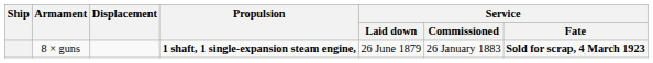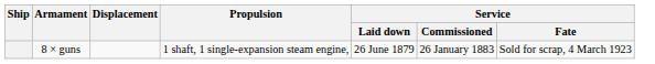 <table class="wikitable plainrowheaders" style="text-align: center;">
 <tr valign="top">
 <th scope="col" rowspan="2">Ship</th>
 <th scope="col" rowspan="2">Armament</th>
 <th scope="col" rowspan="2">Displacement</th>
 <th scope="col" rowspan="2">Propulsion</th>
 <th scope="col" colspan="3">Service</th>
 </tr>
 <tr valign="top">
 <th scope="col">Laid down</th>
 <th scope="col">Commissioned</th>
 <th scope="col">Fate</th>
 </tr>
 <tr valign="center">
 <th scope="row"></th>
 <td>8 ×  guns</td>
 <td></td>
-<td><strong>1 shaft, 1 single-expansion steam engine, </strong></td>
+<td>1 shaft, 1 single-expansion steam engine, </td>
 <td>26 June 1879</td>
 <td>26 January 1883</td>
-<td><strong>Sold for scrap, 4 March 1923</strong></td>
+<td>Sold for scrap, 4 March 1923</td>
 </tr>
 </table>
